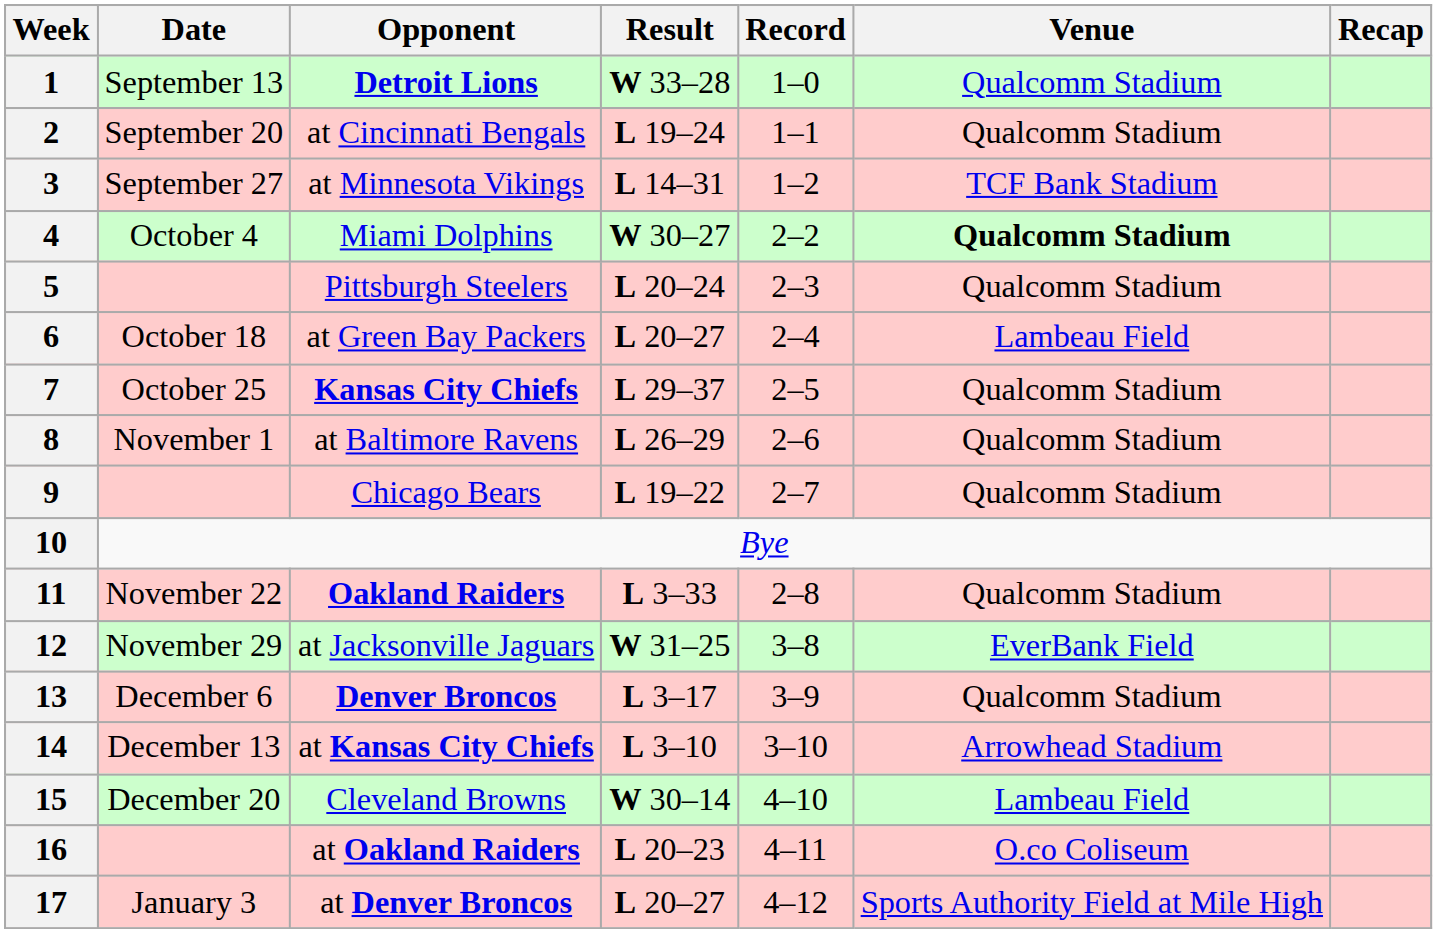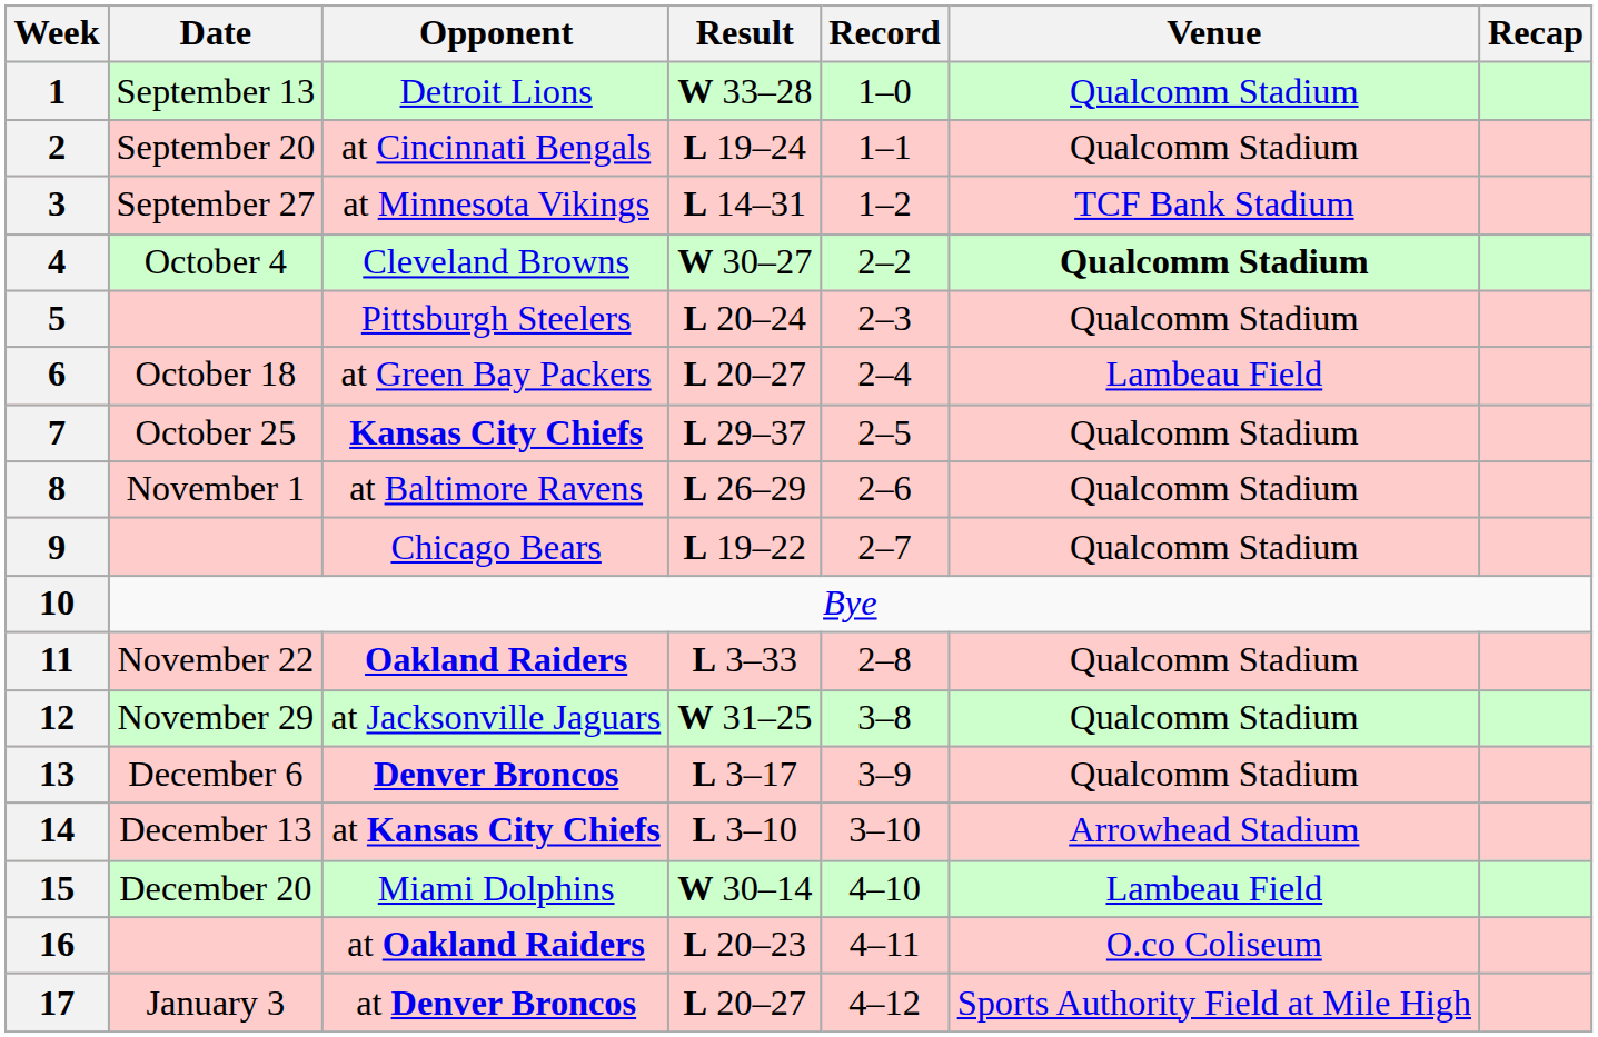 <table class="wikitable" style="text-align:center">
 <tr>
 <th>Week</th>
 <th>Date</th>
 <th>Opponent</th>
 <th>Result</th>
 <th>Record</th>
 <th>Venue</th>
 <th>Recap</th>
 </tr>
 <tr style="background:#cfc">
 <th>1</th>
 <td>September 13</td>
-<td><strong><a href='#'>Detroit Lions</a></strong></td>
+<td><a href='#'>Detroit Lions</a></td>
 <td><strong>W</strong> 33–28</td>
 <td>1–0</td>
 <td><a href='#'>Qualcomm Stadium</a></td>
 <td></td>
 </tr>
 <tr style="background:#fcc">
 <th>2</th>
 <td>September 20</td>
 <td>at <a href='#'>Cincinnati Bengals</a></td>
 <td><strong>L</strong> 19–24</td>
 <td>1–1</td>
 <td>Qualcomm Stadium</td>
 <td></td>
 </tr>
 <tr style="background:#fcc">
 <th>3</th>
 <td>September 27</td>
 <td>at <a href='#'>Minnesota Vikings</a></td>
 <td><strong>L</strong> 14–31</td>
 <td>1–2</td>
 <td><a href='#'>TCF Bank Stadium</a></td>
 <td></td>
 </tr>
 <tr style="background:#cfc">
 <th>4</th>
 <td>October 4</td>
-<td><a href='#'>Miami Dolphins</a></td>
+<td><a href='#'>Cleveland Browns</a></td>
 <td><strong>W</strong> 30–27</td>
 <td>2–2</td>
 <td><strong>Qualcomm Stadium</strong></td>
 <td></td>
 </tr>
 <tr style="background:#fcc">
 <th>5</th>
 <td></td>
 <td><a href='#'>Pittsburgh Steelers</a></td>
 <td><strong>L</strong> 20–24</td>
 <td>2–3</td>
 <td>Qualcomm Stadium</td>
 <td></td>
 </tr>
 <tr style="background:#fcc">
 <th>6</th>
 <td>October 18</td>
 <td>at <a href='#'>Green Bay Packers</a></td>
 <td><strong>L</strong> 20–27</td>
 <td>2–4</td>
 <td><a href='#'>Lambeau Field</a></td>
 <td></td>
 </tr>
 <tr style="background:#fcc">
 <th>7</th>
 <td>October 25</td>
 <td><strong><a href='#'>Kansas City Chiefs</a></strong></td>
 <td><strong>L</strong> 29–37</td>
 <td>2–5</td>
 <td>Qualcomm Stadium</td>
 <td></td>
 </tr>
 <tr style="background:#fcc">
 <th>8</th>
 <td>November 1</td>
 <td>at <a href='#'>Baltimore Ravens</a></td>
 <td><strong>L</strong> 26–29</td>
 <td>2–6</td>
 <td>Qualcomm Stadium</td>
 <td></td>
 </tr>
 <tr style="background:#fcc">
 <th>9</th>
 <td></td>
 <td><a href='#'>Chicago Bears</a></td>
 <td><strong>L</strong> 19–22</td>
 <td>2–7</td>
 <td>Qualcomm Stadium</td>
 <td></td>
 </tr>
 <tr>
 <th>10</th>
 <td colspan=8><em><a href='#'>Bye</a></em></td>
 </tr>
 <tr style="background:#fcc">
 <th>11</th>
 <td>November 22</td>
 <td><strong><a href='#'>Oakland Raiders</a></strong></td>
 <td><strong>L</strong> 3–33</td>
 <td>2–8</td>
 <td>Qualcomm Stadium</td>
 <td></td>
 </tr>
 <tr style="background:#cfc">
 <th>12</th>
 <td>November 29</td>
 <td>at <a href='#'>Jacksonville Jaguars</a></td>
 <td><strong>W</strong> 31–25</td>
 <td>3–8</td>
-<td><a href='#'>EverBank Field</a></td>
+<td>Qualcomm Stadium</td>
 <td></td>
 </tr>
 <tr style="background:#fcc">
 <th>13</th>
 <td>December 6</td>
 <td><strong><a href='#'>Denver Broncos</a></strong></td>
 <td><strong>L</strong> 3–17</td>
 <td>3–9</td>
 <td>Qualcomm Stadium</td>
 <td></td>
 </tr>
 <tr style="background:#fcc">
 <th>14</th>
 <td>December 13</td>
 <td>at <strong><a href='#'>Kansas City Chiefs</a></strong></td>
 <td><strong>L</strong> 3–10</td>
 <td>3–10</td>
 <td><a href='#'>Arrowhead Stadium</a></td>
 <td></td>
 </tr>
 <tr style="background:#cfc">
 <th>15</th>
 <td>December 20</td>
-<td><a href='#'>Cleveland Browns</a></td>
+<td><a href='#'>Miami Dolphins</a></td>
 <td><strong>W</strong> 30–14</td>
 <td>4–10</td>
 <td><a href='#'>Lambeau Field</a></td>
 <td></td>
 </tr>
 <tr style="background:#fcc">
 <th>16</th>
 <td></td>
 <td>at <strong><a href='#'>Oakland Raiders</a></strong></td>
 <td><strong>L</strong> 20–23 </td>
 <td>4–11</td>
 <td><a href='#'>O.co Coliseum</a></td>
 <td></td>
 </tr>
 <tr style="background:#fcc">
 <th>17</th>
 <td>January 3</td>
 <td>at <strong><a href='#'>Denver Broncos</a></strong></td>
 <td><strong>L</strong> 20–27</td>
 <td>4–12</td>
 <td><a href='#'>Sports Authority Field at Mile High</a></td>
 <td></td>
 </tr>
 </table>
